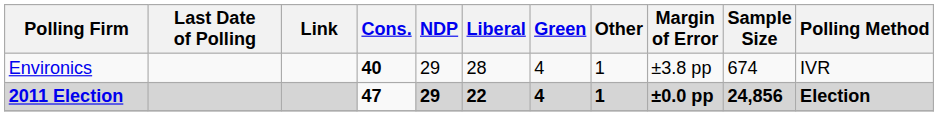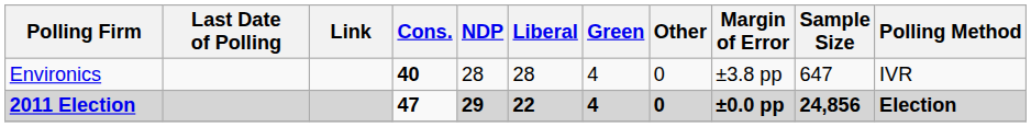 <table class="wikitable sortable">
 <tr style="background:#e9e9e9;">
 <th style="width:120px">Polling Firm</th>
 <th style="width:110px">Last Date<br>of Polling</th>
 <th style="width:60px" class="unsortable">Link</th>
 <th style="background-color:"><strong><a href='#'>Cons.</a></strong></th>
 <th style="background-color:"><strong><a href='#'>NDP</a></strong></th>
 <th style="background-color:"><strong><a href='#'>Liberal</a></strong></th>
 <th style="background-color:"><strong><a href='#'>Green</a></strong></th>
 <th style="background-color:"><strong>Other</strong></th>
 <th style="width:60px;" class=unsortable>Margin<br>of Error</th>
 <th style="width:50px;" class=unsortable>Sample<br>Size</th>
 <th class=unsortable>Polling Method</th>
 </tr>
 <tr>
 <td><a href='#'>Environics</a></td>
 <td></td>
 <td></td>
 <td><strong>40</strong></td>
-<td>29</td>
+<td>28</td>
 <td>28</td>
 <td>4</td>
-<td>1</td>
+<td>0</td>
 <td>±3.8 pp</td>
-<td>674</td>
+<td>647</td>
 <td>IVR</td>
 </tr>
 <tr>
 <td style="background:#D5D5D5"><strong><a href='#'>2011 Election</a></strong></td>
 <td style="background:#D5D5D5"><strong></strong></td>
 <td style="background:#D5D5D5"></td>
 <td><strong>47</strong></td>
 <td style="background:#D5D5D5"><strong>29</strong></td>
 <td style="background:#D5D5D5"><strong>22</strong></td>
 <td style="background:#D5D5D5"><strong>4</strong></td>
-<td style="background:#D5D5D5"><strong>1</strong></td>
+<td style="background:#D5D5D5"><strong>0</strong></td>
 <td style="background:#D5D5D5"><strong>±0.0 pp</strong></td>
 <td style="background:#D5D5D5"><strong>24,856</strong></td>
 <td style="background:#D5D5D5"><strong>Election</strong></td>
 </tr>
 <tr |->
 </tr>
 </table>
